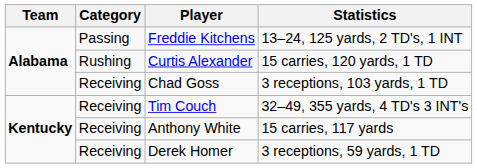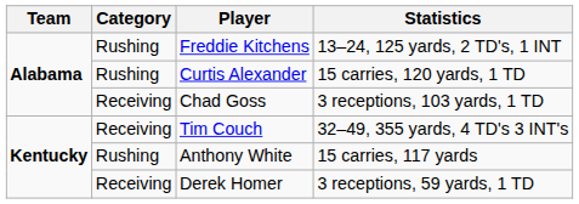 <table class="wikitable" style="float: right;">
 <tr>
 <th>Team</th>
 <th>Category</th>
 <th>Player</th>
 <th>Statistics</th>
 </tr>
 <tr>
 <td rowspan=3><strong>Alabama</strong></td>
-<td>Passing</td>
+<td>Rushing</td>
 <td><a href='#'>Freddie Kitchens</a></td>
 <td>13–24, 125 yards, 2 TD's, 1 INT</td>
 </tr>
 <tr>
 <td>Rushing</td>
 <td><a href='#'>Curtis Alexander</a></td>
 <td>15 carries, 120 yards, 1 TD</td>
 </tr>
 <tr>
 <td>Receiving</td>
 <td>Chad Goss</td>
 <td>3 receptions, 103 yards, 1 TD</td>
 </tr>
 <tr>
 <td rowspan=3><strong>Kentucky</strong></td>
 <td>Receiving</td>
 <td><a href='#'>Tim Couch</a></td>
 <td>32–49, 355 yards, 4 TD's 3 INT's</td>
 </tr>
 <tr>
-<td>Receiving</td>
+<td>Rushing</td>
 <td>Anthony White</td>
 <td>15 carries, 117 yards</td>
 </tr>
 <tr>
 <td>Receiving</td>
 <td>Derek Homer</td>
 <td>3 receptions, 59 yards, 1 TD</td>
 </tr>
 </table>
